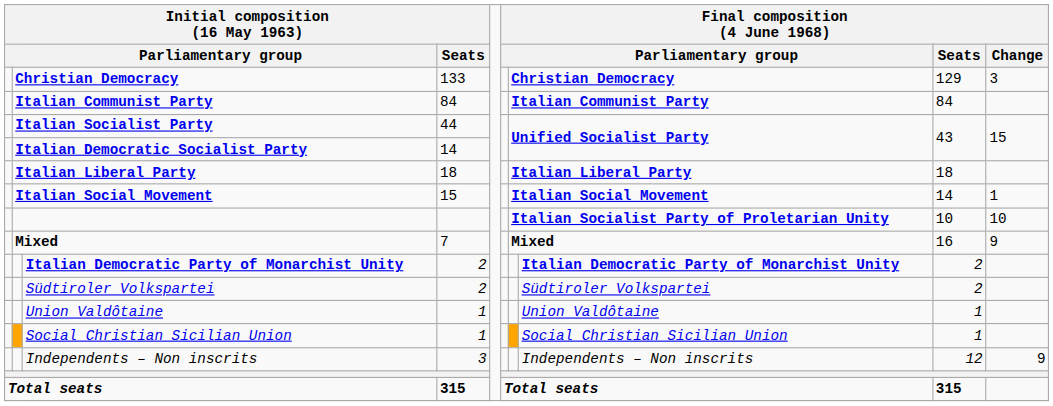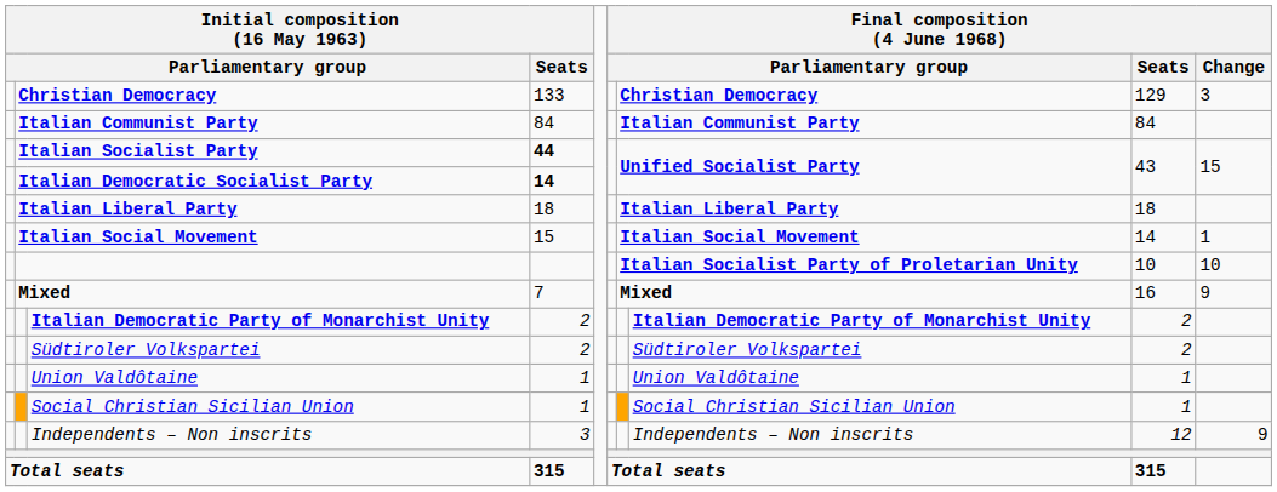 <table class="wikitable" style="width : 60%;">
 <tr>
 <th colspan="4">Initial composition<br>(16 May 1963)</th>
 <td rowspan="30" style="width : 1%;"></td>
 <th colspan="5">Final composition<br>(4 June 1968)</th>
 </tr>
 <tr>
 <th colspan="3">Parliamentary group</th>
 <th>Seats</th>
 <th colspan="3">Parliamentary group</th>
 <th>Seats</th>
 <th>Change</th>
 </tr>
 <tr>
 <td></td>
 <td colspan = "2"><strong><a href='#'>Christian Democracy</a></strong></td>
 <td>133</td>
 <td></td>
 <td colspan = "2"><strong><a href='#'>Christian Democracy</a></strong></td>
 <td>129</td>
 <td> 3</td>
 </tr>
 <tr>
 <td></td>
 <td colspan = "2"><strong><a href='#'>Italian Communist Party</a></strong></td>
 <td>84</td>
 <td></td>
 <td colspan = "2"><strong><a href='#'>Italian Communist Party</a></strong></td>
 <td>84</td>
 <td></td>
 </tr>
 <tr>
 <td></td>
 <td colspan = "2"><strong><a href='#'>Italian Socialist Party</a></strong></td>
-<td>44</td>
+<td><strong>44</strong></td>
 <td rowspan=2></td>
 <td rowspan=2 colspan = "2"><strong><a href='#'>Unified Socialist Party</a></strong></td>
 <td rowspan=2>43</td>
 <td rowspan=2> 15</td>
 </tr>
 <tr>
 <td></td>
 <td colspan = "2"><strong><a href='#'>Italian Democratic Socialist Party</a></strong></td>
-<td>14</td>
+<td><strong>14</strong></td>
 </tr>
 <tr>
 <td></td>
 <td colspan = "2"><strong><a href='#'>Italian Liberal Party</a></strong></td>
 <td>18</td>
 <td></td>
 <td colspan = "2"><strong><a href='#'>Italian Liberal Party</a></strong></td>
 <td>18</td>
 <td></td>
 </tr>
 <tr>
 <td></td>
 <td colspan = "2"><strong><a href='#'>Italian Social Movement</a></strong></td>
 <td>15</td>
 <td></td>
 <td colspan = "2"><strong><a href='#'>Italian Social Movement</a></strong></td>
 <td>14</td>
 <td> 1</td>
 </tr>
 <tr>
 <td></td>
 <td colspan=2></td>
 <td></td>
 <td></td>
 <td colspan = "2"><strong><a href='#'>Italian Socialist Party of Proletarian Unity</a></strong></td>
 <td>10</td>
 <td> 10</td>
 </tr>
 <tr>
 <td></td>
 <td colspan = "2"><strong>Mixed</strong></td>
 <td>7</td>
 <td></td>
 <td colspan = "2"><strong>Mixed</strong></td>
 <td>16</td>
 <td> 9</td>
 </tr>
 <tr>
 <td></td>
 <td></td>
 <td><strong><a href='#'>Italian Democratic Party of Monarchist Unity</a></strong></td>
 <td align="right"><em>2</em></td>
 <td></td>
 <td></td>
 <td><strong><a href='#'>Italian Democratic Party of Monarchist Unity</a></strong></td>
 <td align="right"><em>2</em></td>
 <td align="right"></td>
 </tr>
 <tr>
 <td></td>
 <td></td>
 <td><em><a href='#'>Südtiroler Volkspartei</a></em></td>
 <td align="right"><em>2</em></td>
 <td></td>
 <td></td>
 <td><em><a href='#'>Südtiroler Volkspartei</a></em></td>
 <td align="right"><em>2</em></td>
 <td align="right"></td>
 </tr>
 <tr>
 <td></td>
 <td></td>
 <td><em><a href='#'>Union Valdôtaine</a></em></td>
 <td align="right"><em>1</em></td>
 <td></td>
 <td></td>
 <td><em><a href='#'>Union Valdôtaine</a></em></td>
 <td align="right"><em>1</em></td>
 <td align="right"></td>
 </tr>
 <tr>
 <td></td>
 <td bgcolor="orange" width=1%></td>
 <td><em><a href='#'>Social Christian Sicilian Union</a></em></td>
 <td align="right"><em>1</em></td>
 <td></td>
 <td bgcolor="orange" width=1%></td>
 <td><em><a href='#'>Social Christian Sicilian Union</a></em></td>
 <td align="right"><em>1</em></td>
 <td align="right"></td>
 </tr>
 <tr>
 <td></td>
 <td></td>
 <td><em>Independents – Non inscrits</em></td>
 <td align="right"><em>3</em></td>
 <td></td>
 <td></td>
 <td><em>Independents – Non inscrits</em></td>
 <td align="right"><em>12</em></td>
 <td align="right"> 9</td>
 </tr>
 <tr>
 <th colspan="4"></th>
 <th colspan="5"></th>
 </tr>
 <tr>
 <td colspan="3"><strong><em>Total seats</em></strong></td>
 <td><strong>315</strong></td>
 <td colspan="3"><strong><em>Total seats</em></strong></td>
 <td><strong>315</strong></td>
 <td></td>
 </tr>
 <tr>
 </tr>
 </table>
